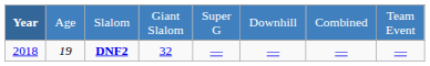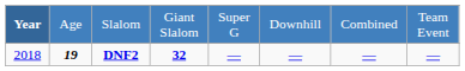 <table class="wikitable" style="font-size:95%; text-align:center; border:grey solid 1px; border-collapse:collapse;" width="40%">
 <tr style="background-color:#369; color:white;">
 <td rowspan="2" colspan="1" width="4%"><strong>Year</strong></td>
 </tr>
 <tr style="background-color:#4180be; color:white;">
 <td width="5%">Age</td>
 <td width="5%">Slalom</td>
 <td width="5%">Giant<br>Slalom</td>
 <td width="5%">Super G</td>
 <td width="5%">Downhill</td>
 <td width="5%">Combined</td>
 <td width="5%">Team Event</td>
 </tr>
 <tr style="background-color:#8CB2D8; color:white;">
 </tr>
 <tr>
 <td><a href='#'>2018</a></td>
-<td><em>19</em></td>
+<td><strong><em>19</em></strong></td>
 <td><strong><a href='#'>DNF2</a></strong></td>
-<td><a href='#'>32</a></td>
+<td><strong><a href='#'>32</a></strong></td>
 <td><a href='#'>—</a></td>
 <td><a href='#'>—</a></td>
 <td><a href='#'>—</a></td>
 <td><a href='#'>—</a></td>
 </tr>
 </table>
